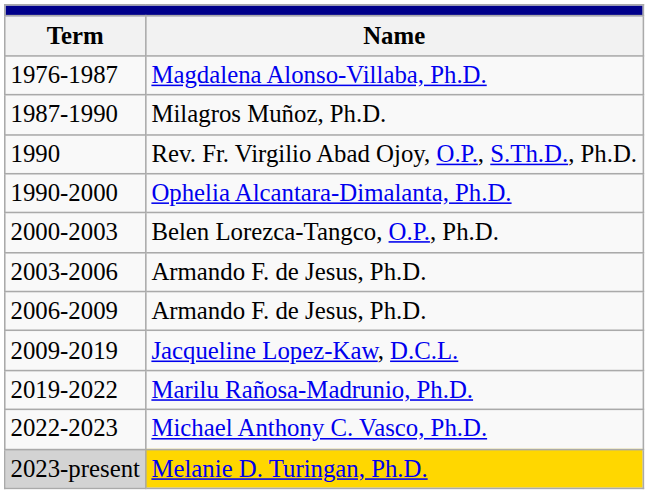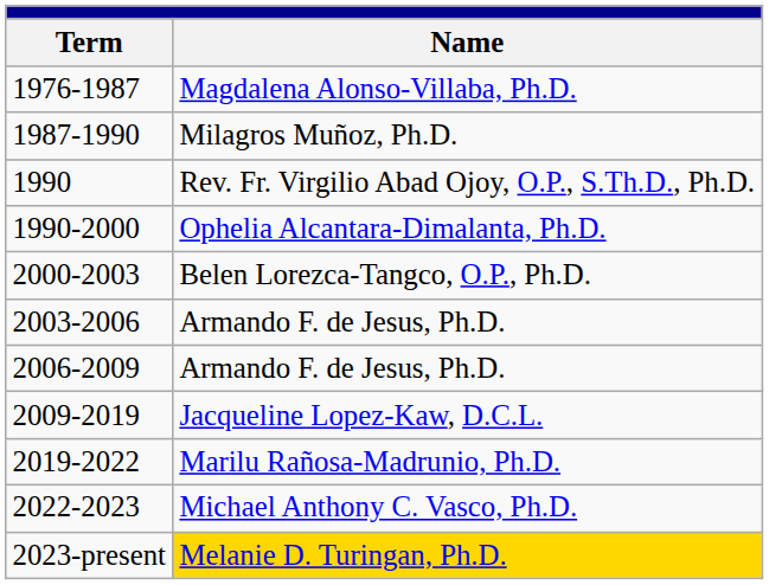 <table class="wikitable">
 <tr>
 <td colspan="2" style="background: #00008B;"></td>
 </tr>
 <tr>
 <th>Term</th>
 <th>Name</th>
 </tr>
 <tr>
 <td>1976-1987</td>
 <td><a href='#'>Magdalena Alonso-Villaba, Ph.D.</a></td>
 </tr>
 <tr>
 <td>1987-1990</td>
 <td>Milagros Muñoz, Ph.D.</td>
 </tr>
 <tr>
 <td>1990</td>
 <td>Rev. Fr. Virgilio Abad Ojoy, <a href='#'>O.P.</a>, <a href='#'>S.Th.D.</a>, Ph.D.</td>
 </tr>
 <tr>
 <td>1990-2000</td>
 <td><a href='#'>Ophelia Alcantara-Dimalanta, Ph.D.</a></td>
 </tr>
 <tr>
 <td>2000-2003</td>
 <td>Belen Lorezca-Tangco, <a href='#'>O.P.</a>, Ph.D.</td>
 </tr>
 <tr>
 <td>2003-2006</td>
 <td>Armando F. de Jesus, Ph.D.</td>
 </tr>
 <tr>
 <td>2006-2009</td>
 <td>Armando F. de Jesus, Ph.D.</td>
 </tr>
 <tr>
 <td>2009-2019</td>
 <td><a href='#'>Jacqueline Lopez-Kaw</a>, <a href='#'>D.C.L.</a></td>
 </tr>
 <tr>
 <td>2019-2022</td>
 <td><a href='#'>Marilu Rañosa-Madrunio, Ph.D.</a></td>
 </tr>
 <tr>
 <td>2022-2023</td>
 <td><a href='#'>Michael Anthony C. Vasco, Ph.D.</a></td>
 </tr>
 <tr>
-<td style="background: lightgrey;">2023-present</td>
+<td>2023-present</td>
 <td style="background: gold;"><a href='#'>Melanie D. Turingan, Ph.D.</a></td>
 </tr>
 </table>
